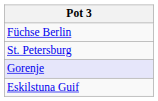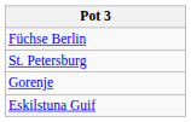 <table class="wikitable" style="float:left; margin-right:1em;">
 <tr>
 <th width=200>Pot 3</th>
 </tr>
 <tr>
 <td> <a href='#'>Füchse Berlin</a></td>
 </tr>
 <tr>
 <td> <a href='#'>St. Petersburg</a></td>
 </tr>
 <tr>
-<td style="background: lavender;"> <a href='#'>Gorenje</a></td>
+<td> <a href='#'>Gorenje</a></td>
 </tr>
 <tr>
 <td> <a href='#'>Eskilstuna Guif</a></td>
 </tr>
 </table>
